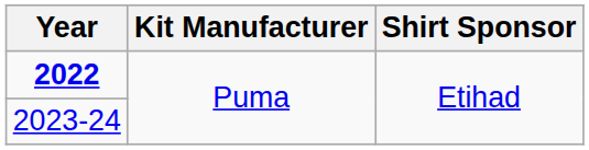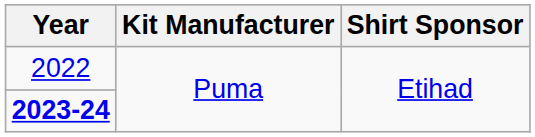 <table class="wikitable" style=text-align:center;margin-left:1em;">
 <tr>
 <th>Year</th>
 <th>Kit Manufacturer</th>
 <th>Shirt Sponsor</th>
 </tr>
 <tr>
-<td><strong><a href='#'>2022</a></strong></td>
+<td><a href='#'>2022</a></td>
 <td rowspan=2><a href='#'>Puma</a></td>
 <td rowspan=2><a href='#'>Etihad</a></td>
 </tr>
 <tr>
-<td><a href='#'>2023-24</a></td>
+<td><strong><a href='#'>2023-24</a></strong></td>
 </tr>
 </table>
